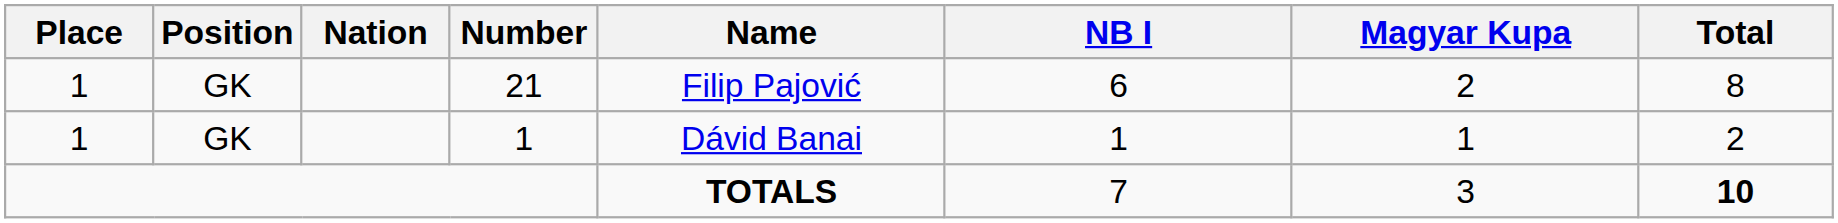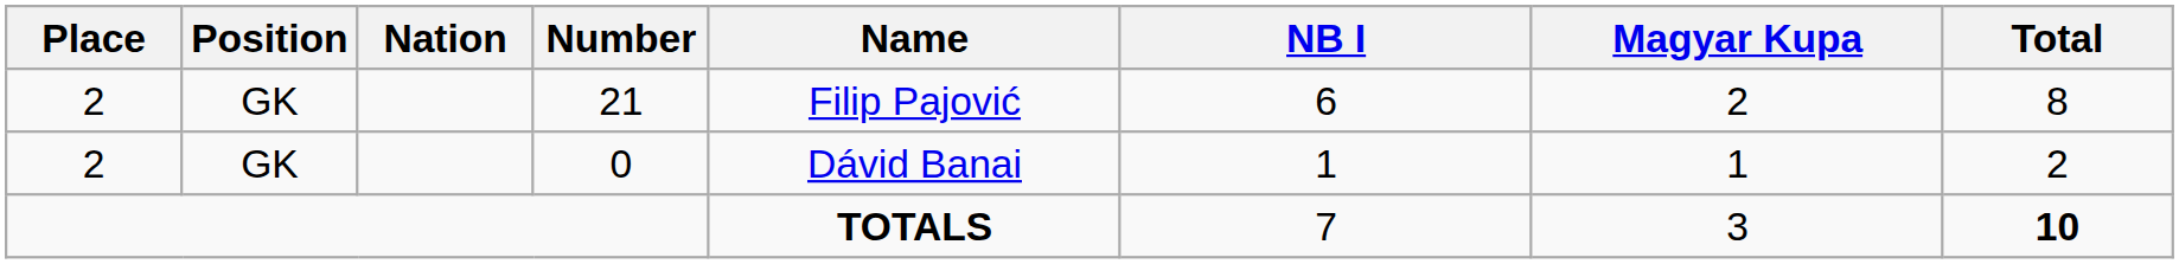 <table class="wikitable" style="font-size: 95%; text-align: center;">
 <tr>
 <th width=60>Place</th>
 <th width=60>Position</th>
 <th width=60>Nation</th>
 <th width=60>Number</th>
 <th width=150>Name</th>
 <th width=150><a href='#'>NB I</a></th>
 <th width=150><a href='#'>Magyar Kupa</a></th>
 <th width=80><strong>Total</strong></th>
 </tr>
 <tr>
-<td>1</td>
+<td>2</td>
 <td>GK</td>
 <td></td>
 <td>21</td>
 <td><a href='#'>Filip Pajović</a></td>
 <td>6</td>
 <td>2</td>
 <td>8</td>
 </tr>
 <tr>
-<td>1</td>
+<td>2</td>
 <td>GK</td>
 <td></td>
-<td>1</td>
+<td>0</td>
 <td><a href='#'>Dávid Banai</a></td>
 <td>1</td>
 <td>1</td>
 <td>2</td>
 </tr>
 <tr>
 <td colspan="4"></td>
 <td><strong>TOTALS</strong></td>
 <td>7</td>
 <td>3</td>
 <td><strong>10</strong></td>
 </tr>
 </table>
